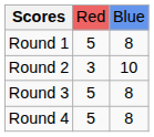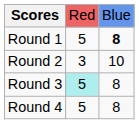 <table class="wikitable" style="text-align:center">
 <tr>
 <th>Scores</th>
 <td bgcolor="#EE6363">Red</td>
 <td bgcolor="#6495ED">Blue</td>
 </tr>
 <tr>
 <td>Round 1</td>
 <td>5</td>
-<td>8</td>
+<td><strong>8</strong></td>
 </tr>
 <tr>
 <td>Round 2</td>
 <td>3</td>
 <td>10</td>
 </tr>
 <tr>
 <td>Round 3</td>
-<td>5</td>
+<td style="background: paleturquoise;">5</td>
 <td>8</td>
 </tr>
 <tr>
 <td>Round 4</td>
 <td>5</td>
 <td>8</td>
 </tr>
 </table>
